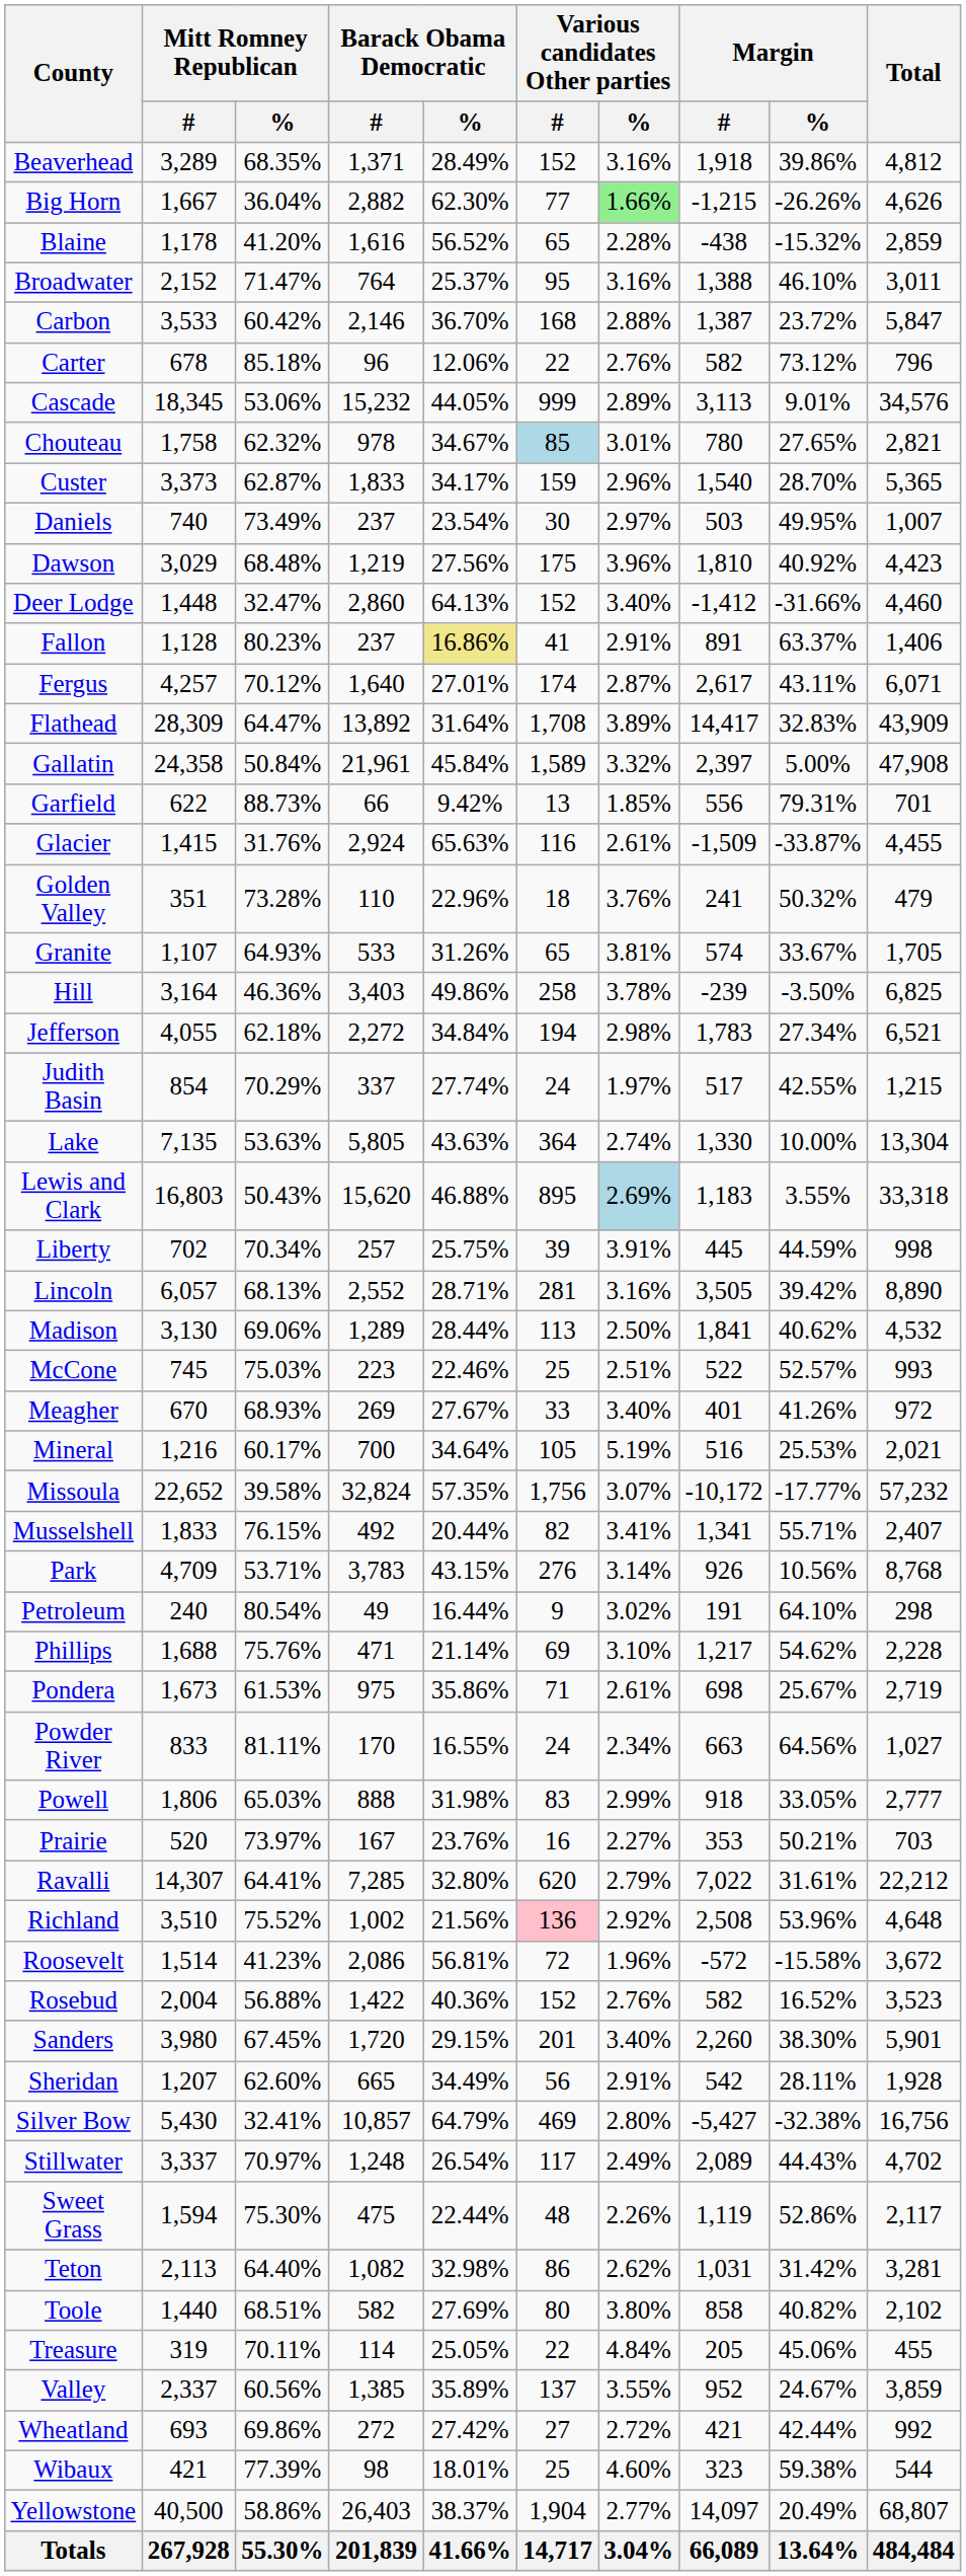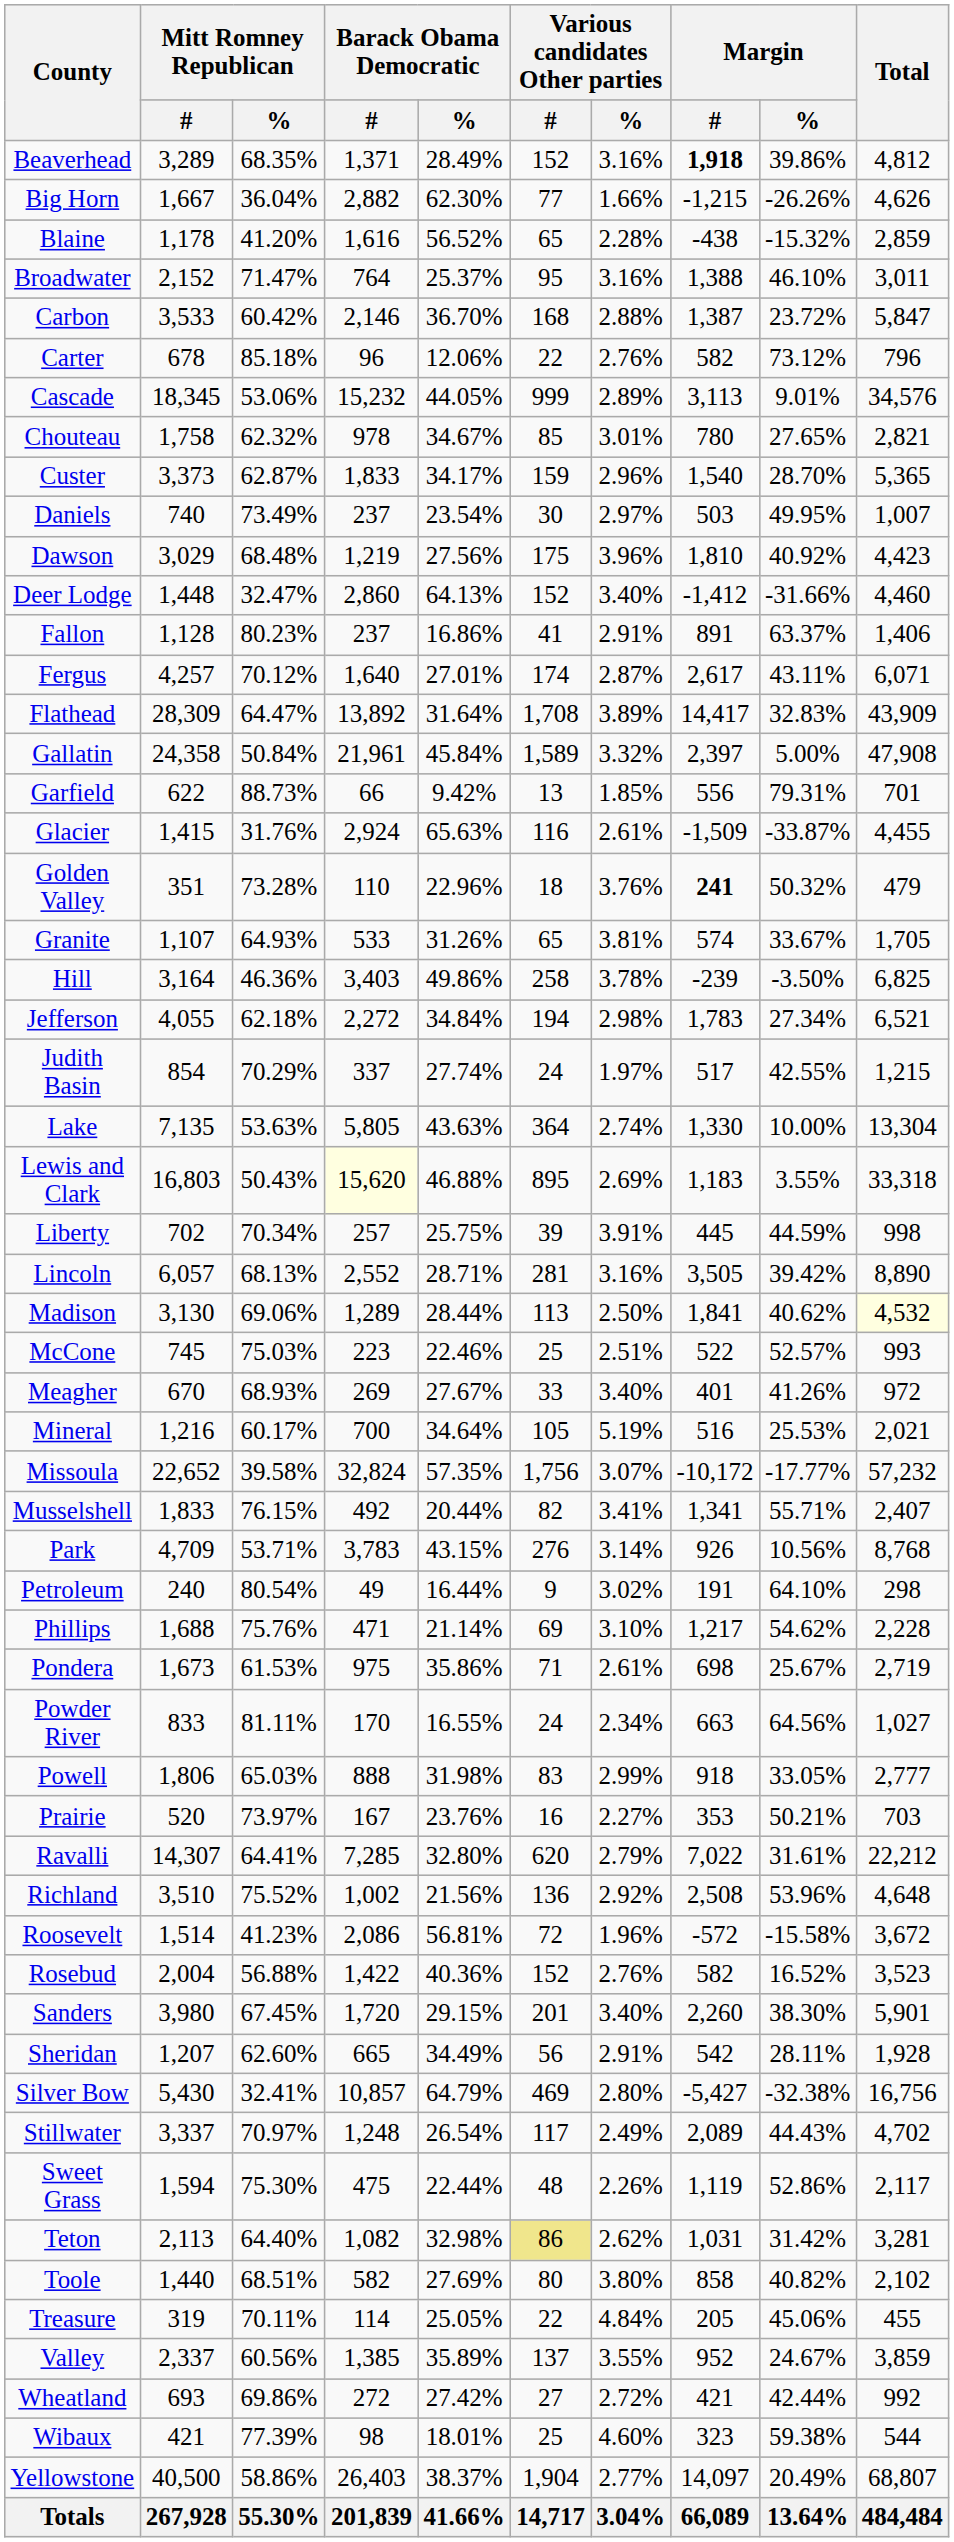 <table width="60%" class="wikitable sortable">
 <tr>
 <th rowspan="2">County</th>
 <th colspan="2">Mitt Romney<br>Republican</th>
 <th colspan="2">Barack Obama<br>Democratic</th>
 <th colspan="2">Various candidates<br>Other parties</th>
 <th colspan="2">Margin</th>
 <th rowspan="2">Total</th>
 </tr>
 <tr>
 <th style="text-align:center;" data-sort-type="number">#</th>
 <th style="text-align:center;" data-sort-type="number">%</th>
 <th style="text-align:center;" data-sort-type="number">#</th>
 <th style="text-align:center;" data-sort-type="number">%</th>
 <th style="text-align:center;" data-sort-type="number">#</th>
 <th style="text-align:center;" data-sort-type="number">%</th>
 <th style="text-align:center;" data-sort-type="number">#</th>
 <th style="text-align:center;" data-sort-type="number">%</th>
 </tr>
 <tr style="text-align:center;">
 <td><a href='#'>Beaverhead</a></td>
 <td>3,289</td>
 <td>68.35%</td>
 <td>1,371</td>
 <td>28.49%</td>
 <td>152</td>
 <td>3.16%</td>
-<td>1,918</td>
+<td><strong>1,918</strong></td>
 <td>39.86%</td>
 <td>4,812</td>
 </tr>
 <tr style="text-align:center;">
 <td><a href='#'>Big Horn</a></td>
 <td>1,667</td>
 <td>36.04%</td>
 <td>2,882</td>
 <td>62.30%</td>
 <td>77</td>
-<td style="background: lightgreen;">1.66%</td>
+<td>1.66%</td>
 <td>-1,215</td>
 <td>-26.26%</td>
 <td>4,626</td>
 </tr>
 <tr style="text-align:center;">
 <td><a href='#'>Blaine</a></td>
 <td>1,178</td>
 <td>41.20%</td>
 <td>1,616</td>
 <td>56.52%</td>
 <td>65</td>
 <td>2.28%</td>
 <td>-438</td>
 <td>-15.32%</td>
 <td>2,859</td>
 </tr>
 <tr style="text-align:center;">
 <td><a href='#'>Broadwater</a></td>
 <td>2,152</td>
 <td>71.47%</td>
 <td>764</td>
 <td>25.37%</td>
 <td>95</td>
 <td>3.16%</td>
 <td>1,388</td>
 <td>46.10%</td>
 <td>3,011</td>
 </tr>
 <tr style="text-align:center;">
 <td><a href='#'>Carbon</a></td>
 <td>3,533</td>
 <td>60.42%</td>
 <td>2,146</td>
 <td>36.70%</td>
 <td>168</td>
 <td>2.88%</td>
 <td>1,387</td>
 <td>23.72%</td>
 <td>5,847</td>
 </tr>
 <tr style="text-align:center;">
 <td><a href='#'>Carter</a></td>
 <td>678</td>
 <td>85.18%</td>
 <td>96</td>
 <td>12.06%</td>
 <td>22</td>
 <td>2.76%</td>
 <td>582</td>
 <td>73.12%</td>
 <td>796</td>
 </tr>
 <tr style="text-align:center;">
 <td><a href='#'>Cascade</a></td>
 <td>18,345</td>
 <td>53.06%</td>
 <td>15,232</td>
 <td>44.05%</td>
 <td>999</td>
 <td>2.89%</td>
 <td>3,113</td>
 <td>9.01%</td>
 <td>34,576</td>
 </tr>
 <tr style="text-align:center;">
 <td><a href='#'>Chouteau</a></td>
 <td>1,758</td>
 <td>62.32%</td>
 <td>978</td>
 <td>34.67%</td>
-<td style="background: lightblue;">85</td>
+<td>85</td>
 <td>3.01%</td>
 <td>780</td>
 <td>27.65%</td>
 <td>2,821</td>
 </tr>
 <tr style="text-align:center;">
 <td><a href='#'>Custer</a></td>
 <td>3,373</td>
 <td>62.87%</td>
 <td>1,833</td>
 <td>34.17%</td>
 <td>159</td>
 <td>2.96%</td>
 <td>1,540</td>
 <td>28.70%</td>
 <td>5,365</td>
 </tr>
 <tr style="text-align:center;">
 <td><a href='#'>Daniels</a></td>
 <td>740</td>
 <td>73.49%</td>
 <td>237</td>
 <td>23.54%</td>
 <td>30</td>
 <td>2.97%</td>
 <td>503</td>
 <td>49.95%</td>
 <td>1,007</td>
 </tr>
 <tr style="text-align:center;">
 <td><a href='#'>Dawson</a></td>
 <td>3,029</td>
 <td>68.48%</td>
 <td>1,219</td>
 <td>27.56%</td>
 <td>175</td>
 <td>3.96%</td>
 <td>1,810</td>
 <td>40.92%</td>
 <td>4,423</td>
 </tr>
 <tr style="text-align:center;">
 <td><a href='#'>Deer Lodge</a></td>
 <td>1,448</td>
 <td>32.47%</td>
 <td>2,860</td>
 <td>64.13%</td>
 <td>152</td>
 <td>3.40%</td>
 <td>-1,412</td>
 <td>-31.66%</td>
 <td>4,460</td>
 </tr>
 <tr style="text-align:center;">
 <td><a href='#'>Fallon</a></td>
 <td>1,128</td>
 <td>80.23%</td>
 <td>237</td>
-<td style="background: khaki;">16.86%</td>
+<td>16.86%</td>
 <td>41</td>
 <td>2.91%</td>
 <td>891</td>
 <td>63.37%</td>
 <td>1,406</td>
 </tr>
 <tr style="text-align:center;">
 <td><a href='#'>Fergus</a></td>
 <td>4,257</td>
 <td>70.12%</td>
 <td>1,640</td>
 <td>27.01%</td>
 <td>174</td>
 <td>2.87%</td>
 <td>2,617</td>
 <td>43.11%</td>
 <td>6,071</td>
 </tr>
 <tr style="text-align:center;">
 <td><a href='#'>Flathead</a></td>
 <td>28,309</td>
 <td>64.47%</td>
 <td>13,892</td>
 <td>31.64%</td>
 <td>1,708</td>
 <td>3.89%</td>
 <td>14,417</td>
 <td>32.83%</td>
 <td>43,909</td>
 </tr>
 <tr style="text-align:center;">
 <td><a href='#'>Gallatin</a></td>
 <td>24,358</td>
 <td>50.84%</td>
 <td>21,961</td>
 <td>45.84%</td>
 <td>1,589</td>
 <td>3.32%</td>
 <td>2,397</td>
 <td>5.00%</td>
 <td>47,908</td>
 </tr>
 <tr style="text-align:center;">
 <td><a href='#'>Garfield</a></td>
 <td>622</td>
 <td>88.73%</td>
 <td>66</td>
 <td>9.42%</td>
 <td>13</td>
 <td>1.85%</td>
 <td>556</td>
 <td>79.31%</td>
 <td>701</td>
 </tr>
 <tr style="text-align:center;">
 <td><a href='#'>Glacier</a></td>
 <td>1,415</td>
 <td>31.76%</td>
 <td>2,924</td>
 <td>65.63%</td>
 <td>116</td>
 <td>2.61%</td>
 <td>-1,509</td>
 <td>-33.87%</td>
 <td>4,455</td>
 </tr>
 <tr style="text-align:center;">
 <td><a href='#'>Golden Valley</a></td>
 <td>351</td>
 <td>73.28%</td>
 <td>110</td>
 <td>22.96%</td>
 <td>18</td>
 <td>3.76%</td>
-<td>241</td>
+<td><strong>241</strong></td>
 <td>50.32%</td>
 <td>479</td>
 </tr>
 <tr style="text-align:center;">
 <td><a href='#'>Granite</a></td>
 <td>1,107</td>
 <td>64.93%</td>
 <td>533</td>
 <td>31.26%</td>
 <td>65</td>
 <td>3.81%</td>
 <td>574</td>
 <td>33.67%</td>
 <td>1,705</td>
 </tr>
 <tr style="text-align:center;">
 <td><a href='#'>Hill</a></td>
 <td>3,164</td>
 <td>46.36%</td>
 <td>3,403</td>
 <td>49.86%</td>
 <td>258</td>
 <td>3.78%</td>
 <td>-239</td>
 <td>-3.50%</td>
 <td>6,825</td>
 </tr>
 <tr style="text-align:center;">
 <td><a href='#'>Jefferson</a></td>
 <td>4,055</td>
 <td>62.18%</td>
 <td>2,272</td>
 <td>34.84%</td>
 <td>194</td>
 <td>2.98%</td>
 <td>1,783</td>
 <td>27.34%</td>
 <td>6,521</td>
 </tr>
 <tr style="text-align:center;">
 <td><a href='#'>Judith Basin</a></td>
 <td>854</td>
 <td>70.29%</td>
 <td>337</td>
 <td>27.74%</td>
 <td>24</td>
 <td>1.97%</td>
 <td>517</td>
 <td>42.55%</td>
 <td>1,215</td>
 </tr>
 <tr style="text-align:center;">
 <td><a href='#'>Lake</a></td>
 <td>7,135</td>
 <td>53.63%</td>
 <td>5,805</td>
 <td>43.63%</td>
 <td>364</td>
 <td>2.74%</td>
 <td>1,330</td>
 <td>10.00%</td>
 <td>13,304</td>
 </tr>
 <tr style="text-align:center;">
 <td><a href='#'>Lewis and Clark</a></td>
 <td>16,803</td>
 <td>50.43%</td>
-<td>15,620</td>
+<td style="background: lightyellow;">15,620</td>
 <td>46.88%</td>
 <td>895</td>
-<td style="background: lightblue;">2.69%</td>
+<td>2.69%</td>
 <td>1,183</td>
 <td>3.55%</td>
 <td>33,318</td>
 </tr>
 <tr style="text-align:center;">
 <td><a href='#'>Liberty</a></td>
 <td>702</td>
 <td>70.34%</td>
 <td>257</td>
 <td>25.75%</td>
 <td>39</td>
 <td>3.91%</td>
 <td>445</td>
 <td>44.59%</td>
 <td>998</td>
 </tr>
 <tr style="text-align:center;">
 <td><a href='#'>Lincoln</a></td>
 <td>6,057</td>
 <td>68.13%</td>
 <td>2,552</td>
 <td>28.71%</td>
 <td>281</td>
 <td>3.16%</td>
 <td>3,505</td>
 <td>39.42%</td>
 <td>8,890</td>
 </tr>
 <tr style="text-align:center;">
 <td><a href='#'>Madison</a></td>
 <td>3,130</td>
 <td>69.06%</td>
 <td>1,289</td>
 <td>28.44%</td>
 <td>113</td>
 <td>2.50%</td>
 <td>1,841</td>
 <td>40.62%</td>
-<td>4,532</td>
+<td style="background: lightyellow;">4,532</td>
 </tr>
 <tr style="text-align:center;">
 <td><a href='#'>McCone</a></td>
 <td>745</td>
 <td>75.03%</td>
 <td>223</td>
 <td>22.46%</td>
 <td>25</td>
 <td>2.51%</td>
 <td>522</td>
 <td>52.57%</td>
 <td>993</td>
 </tr>
 <tr style="text-align:center;">
 <td><a href='#'>Meagher</a></td>
 <td>670</td>
 <td>68.93%</td>
 <td>269</td>
 <td>27.67%</td>
 <td>33</td>
 <td>3.40%</td>
 <td>401</td>
 <td>41.26%</td>
 <td>972</td>
 </tr>
 <tr style="text-align:center;">
 <td><a href='#'>Mineral</a></td>
 <td>1,216</td>
 <td>60.17%</td>
 <td>700</td>
 <td>34.64%</td>
 <td>105</td>
 <td>5.19%</td>
 <td>516</td>
 <td>25.53%</td>
 <td>2,021</td>
 </tr>
 <tr style="text-align:center;">
 <td><a href='#'>Missoula</a></td>
 <td>22,652</td>
 <td>39.58%</td>
 <td>32,824</td>
 <td>57.35%</td>
 <td>1,756</td>
 <td>3.07%</td>
 <td>-10,172</td>
 <td>-17.77%</td>
 <td>57,232</td>
 </tr>
 <tr style="text-align:center;">
 <td><a href='#'>Musselshell</a></td>
 <td>1,833</td>
 <td>76.15%</td>
 <td>492</td>
 <td>20.44%</td>
 <td>82</td>
 <td>3.41%</td>
 <td>1,341</td>
 <td>55.71%</td>
 <td>2,407</td>
 </tr>
 <tr style="text-align:center;">
 <td><a href='#'>Park</a></td>
 <td>4,709</td>
 <td>53.71%</td>
 <td>3,783</td>
 <td>43.15%</td>
 <td>276</td>
 <td>3.14%</td>
 <td>926</td>
 <td>10.56%</td>
 <td>8,768</td>
 </tr>
 <tr style="text-align:center;">
 <td><a href='#'>Petroleum</a></td>
 <td>240</td>
 <td>80.54%</td>
 <td>49</td>
 <td>16.44%</td>
 <td>9</td>
 <td>3.02%</td>
 <td>191</td>
 <td>64.10%</td>
 <td>298</td>
 </tr>
 <tr style="text-align:center;">
 <td><a href='#'>Phillips</a></td>
 <td>1,688</td>
 <td>75.76%</td>
 <td>471</td>
 <td>21.14%</td>
 <td>69</td>
 <td>3.10%</td>
 <td>1,217</td>
 <td>54.62%</td>
 <td>2,228</td>
 </tr>
 <tr style="text-align:center;">
 <td><a href='#'>Pondera</a></td>
 <td>1,673</td>
 <td>61.53%</td>
 <td>975</td>
 <td>35.86%</td>
 <td>71</td>
 <td>2.61%</td>
 <td>698</td>
 <td>25.67%</td>
 <td>2,719</td>
 </tr>
 <tr style="text-align:center;">
 <td><a href='#'>Powder River</a></td>
 <td>833</td>
 <td>81.11%</td>
 <td>170</td>
 <td>16.55%</td>
 <td>24</td>
 <td>2.34%</td>
 <td>663</td>
 <td>64.56%</td>
 <td>1,027</td>
 </tr>
 <tr style="text-align:center;">
 <td><a href='#'>Powell</a></td>
 <td>1,806</td>
 <td>65.03%</td>
 <td>888</td>
 <td>31.98%</td>
 <td>83</td>
 <td>2.99%</td>
 <td>918</td>
 <td>33.05%</td>
 <td>2,777</td>
 </tr>
 <tr style="text-align:center;">
 <td><a href='#'>Prairie</a></td>
 <td>520</td>
 <td>73.97%</td>
 <td>167</td>
 <td>23.76%</td>
 <td>16</td>
 <td>2.27%</td>
 <td>353</td>
 <td>50.21%</td>
 <td>703</td>
 </tr>
 <tr style="text-align:center;">
 <td><a href='#'>Ravalli</a></td>
 <td>14,307</td>
 <td>64.41%</td>
 <td>7,285</td>
 <td>32.80%</td>
 <td>620</td>
 <td>2.79%</td>
 <td>7,022</td>
 <td>31.61%</td>
 <td>22,212</td>
 </tr>
 <tr style="text-align:center;">
 <td><a href='#'>Richland</a></td>
 <td>3,510</td>
 <td>75.52%</td>
 <td>1,002</td>
 <td>21.56%</td>
-<td style="background: pink;">136</td>
+<td>136</td>
 <td>2.92%</td>
 <td>2,508</td>
 <td>53.96%</td>
 <td>4,648</td>
 </tr>
 <tr style="text-align:center;">
 <td><a href='#'>Roosevelt</a></td>
 <td>1,514</td>
 <td>41.23%</td>
 <td>2,086</td>
 <td>56.81%</td>
 <td>72</td>
 <td>1.96%</td>
 <td>-572</td>
 <td>-15.58%</td>
 <td>3,672</td>
 </tr>
 <tr style="text-align:center;">
 <td><a href='#'>Rosebud</a></td>
 <td>2,004</td>
 <td>56.88%</td>
 <td>1,422</td>
 <td>40.36%</td>
 <td>152</td>
 <td>2.76%</td>
 <td>582</td>
 <td>16.52%</td>
 <td>3,523</td>
 </tr>
 <tr style="text-align:center;">
 <td><a href='#'>Sanders</a></td>
 <td>3,980</td>
 <td>67.45%</td>
 <td>1,720</td>
 <td>29.15%</td>
 <td>201</td>
 <td>3.40%</td>
 <td>2,260</td>
 <td>38.30%</td>
 <td>5,901</td>
 </tr>
 <tr style="text-align:center;">
 <td><a href='#'>Sheridan</a></td>
 <td>1,207</td>
 <td>62.60%</td>
 <td>665</td>
 <td>34.49%</td>
 <td>56</td>
 <td>2.91%</td>
 <td>542</td>
 <td>28.11%</td>
 <td>1,928</td>
 </tr>
 <tr style="text-align:center;">
 <td><a href='#'>Silver Bow</a></td>
 <td>5,430</td>
 <td>32.41%</td>
 <td>10,857</td>
 <td>64.79%</td>
 <td>469</td>
 <td>2.80%</td>
 <td>-5,427</td>
 <td>-32.38%</td>
 <td>16,756</td>
 </tr>
 <tr style="text-align:center;">
 <td><a href='#'>Stillwater</a></td>
 <td>3,337</td>
 <td>70.97%</td>
 <td>1,248</td>
 <td>26.54%</td>
 <td>117</td>
 <td>2.49%</td>
 <td>2,089</td>
 <td>44.43%</td>
 <td>4,702</td>
 </tr>
 <tr style="text-align:center;">
 <td><a href='#'>Sweet Grass</a></td>
 <td>1,594</td>
 <td>75.30%</td>
 <td>475</td>
 <td>22.44%</td>
 <td>48</td>
 <td>2.26%</td>
 <td>1,119</td>
 <td>52.86%</td>
 <td>2,117</td>
 </tr>
 <tr style="text-align:center;">
 <td><a href='#'>Teton</a></td>
 <td>2,113</td>
 <td>64.40%</td>
 <td>1,082</td>
 <td>32.98%</td>
-<td>86</td>
+<td style="background: khaki;">86</td>
 <td>2.62%</td>
 <td>1,031</td>
 <td>31.42%</td>
 <td>3,281</td>
 </tr>
 <tr style="text-align:center;">
 <td><a href='#'>Toole</a></td>
 <td>1,440</td>
 <td>68.51%</td>
 <td>582</td>
 <td>27.69%</td>
 <td>80</td>
 <td>3.80%</td>
 <td>858</td>
 <td>40.82%</td>
 <td>2,102</td>
 </tr>
 <tr style="text-align:center;">
 <td><a href='#'>Treasure</a></td>
 <td>319</td>
 <td>70.11%</td>
 <td>114</td>
 <td>25.05%</td>
 <td>22</td>
 <td>4.84%</td>
 <td>205</td>
 <td>45.06%</td>
 <td>455</td>
 </tr>
 <tr style="text-align:center;">
 <td><a href='#'>Valley</a></td>
 <td>2,337</td>
 <td>60.56%</td>
 <td>1,385</td>
 <td>35.89%</td>
 <td>137</td>
 <td>3.55%</td>
 <td>952</td>
 <td>24.67%</td>
 <td>3,859</td>
 </tr>
 <tr style="text-align:center;">
 <td><a href='#'>Wheatland</a></td>
 <td>693</td>
 <td>69.86%</td>
 <td>272</td>
 <td>27.42%</td>
 <td>27</td>
 <td>2.72%</td>
 <td>421</td>
 <td>42.44%</td>
 <td>992</td>
 </tr>
 <tr style="text-align:center;">
 <td><a href='#'>Wibaux</a></td>
 <td>421</td>
 <td>77.39%</td>
 <td>98</td>
 <td>18.01%</td>
 <td>25</td>
 <td>4.60%</td>
 <td>323</td>
 <td>59.38%</td>
 <td>544</td>
 </tr>
 <tr style="text-align:center;">
 <td><a href='#'>Yellowstone</a></td>
 <td>40,500</td>
 <td>58.86%</td>
 <td>26,403</td>
 <td>38.37%</td>
 <td>1,904</td>
 <td>2.77%</td>
 <td>14,097</td>
 <td>20.49%</td>
 <td>68,807</td>
 </tr>
 <tr>
 <th>Totals</th>
 <th>267,928</th>
 <th>55.30%</th>
 <th>201,839</th>
 <th>41.66%</th>
 <th>14,717</th>
 <th>3.04%</th>
 <th>66,089</th>
 <th>13.64%</th>
 <th>484,484</th>
 </tr>
 </table>
